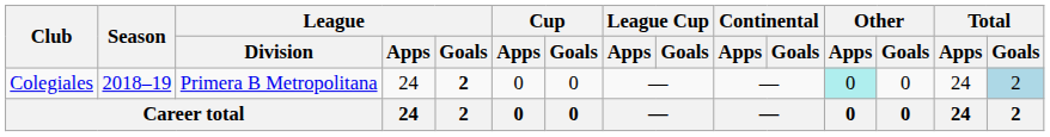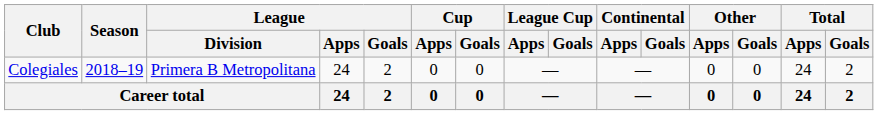 <table class="wikitable" style="text-align:center">
 <tr>
 <th rowspan="2">Club</th>
 <th rowspan="2">Season</th>
 <th colspan="3">League</th>
 <th colspan="2">Cup</th>
 <th colspan="2">League Cup</th>
 <th colspan="2">Continental</th>
 <th colspan="2">Other</th>
 <th colspan="2">Total</th>
 </tr>
 <tr>
 <th>Division</th>
 <th>Apps</th>
 <th>Goals</th>
 <th>Apps</th>
 <th>Goals</th>
 <th>Apps</th>
 <th>Goals</th>
 <th>Apps</th>
 <th>Goals</th>
 <th>Apps</th>
 <th>Goals</th>
 <th>Apps</th>
 <th>Goals</th>
 </tr>
 <tr>
 <td rowspan="1"><a href='#'>Colegiales</a></td>
 <td><a href='#'>2018–19</a></td>
 <td rowspan="1"><a href='#'>Primera B Metropolitana</a></td>
 <td>24</td>
-<td><strong>2</strong></td>
+<td>2</td>
 <td>0</td>
 <td>0</td>
 <td colspan="2">—</td>
 <td colspan="2">—</td>
-<td style="background: paleturquoise;">0</td>
+<td>0</td>
 <td>0</td>
 <td>24</td>
-<td style="background: lightblue;">2</td>
+<td>2</td>
 </tr>
 <tr>
 <th colspan="3">Career total</th>
 <th>24</th>
 <th>2</th>
 <th>0</th>
 <th>0</th>
 <th colspan="2">—</th>
 <th colspan="2">—</th>
 <th>0</th>
 <th>0</th>
 <th>24</th>
 <th>2</th>
 </tr>
 </table>
